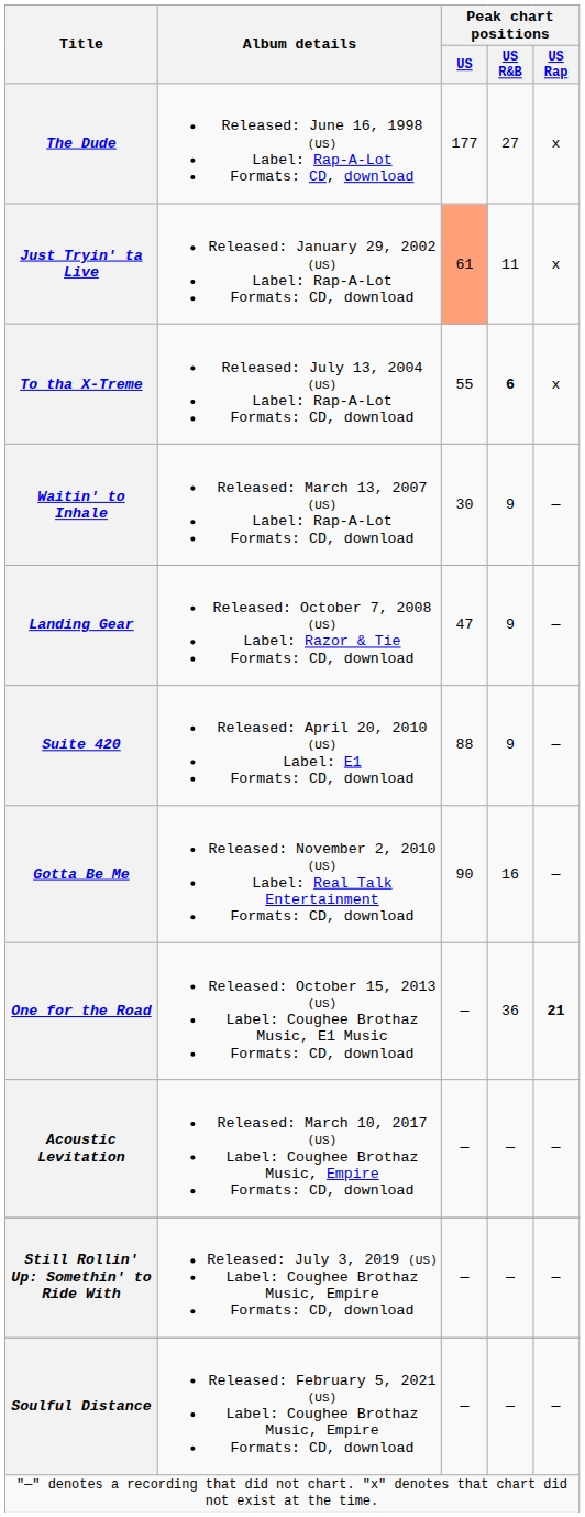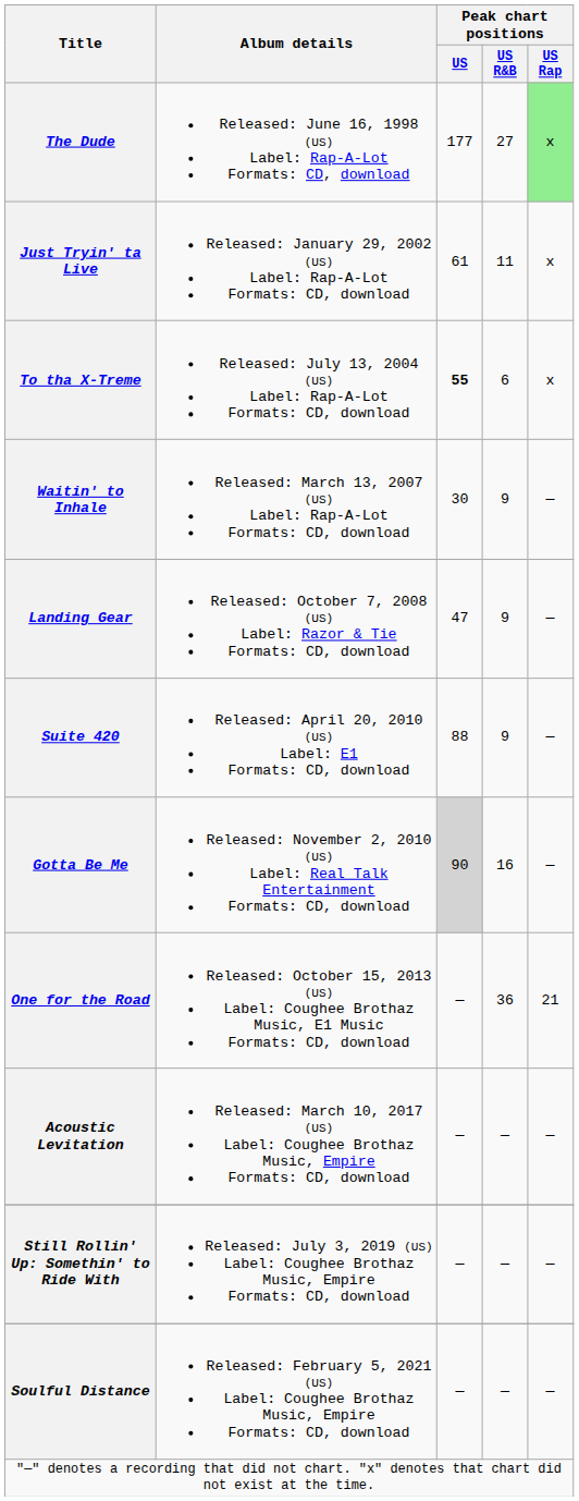 <table class="wikitable plainrowheaders" style="text-align:center;">
 <tr>
 <th scope="col" rowspan="2" style="width:10em;">Title</th>
 <th scope="col" rowspan="2" style="width:19em;">Album details</th>
 <th scope="col" colspan="3">Peak chart positions</th>
 </tr>
 <tr>
 <th scope="col" style="width:3em;font-size:90%;"><a href='#'>US</a></th>
 <th scope="col" style="width:3em;font-size:90%;"><a href='#'>US R&B</a></th>
 <th scope="col" style="width:3em;font-size:90%;"><a href='#'>US<br>Rap</a></th>
 </tr>
 <tr>
 <th scope="row"><em><a href='#'>The Dude</a></em></th>
 <td><br><ul><li>Released: June 16, 1998 <small>(US)</small></li><li>Label: <a href='#'>Rap-A-Lot</a></li><li>Formats: <a href='#'>CD</a>, <a href='#'>download</a></li></ul></td>
 <td>177</td>
 <td>27</td>
-<td>x</td>
+<td style="background: lightgreen;">x</td>
 </tr>
 <tr>
 <th scope="row"><em><a href='#'>Just Tryin' ta Live</a></em></th>
 <td><br><ul><li>Released: January 29, 2002 <small>(US)</small></li><li>Label: Rap-A-Lot</li><li>Formats: CD, download</li></ul></td>
-<td style="background: lightsalmon;">61</td>
+<td>61</td>
 <td>11</td>
 <td>x</td>
 </tr>
 <tr>
 <th scope="row"><em><a href='#'>To tha X-Treme</a></em></th>
 <td><br><ul><li>Released: July 13, 2004 <small>(US)</small></li><li>Label: Rap-A-Lot</li><li>Formats: CD, download</li></ul></td>
-<td>55</td>
-<td><strong>6</strong></td>
+<td><strong>55</strong></td>
+<td>6</td>
 <td>x</td>
 </tr>
 <tr>
 <th scope="row"><em><a href='#'>Waitin' to Inhale</a></em></th>
 <td><br><ul><li>Released: March 13, 2007 <small>(US)</small></li><li>Label: Rap-A-Lot</li><li>Formats: CD, download</li></ul></td>
 <td>30</td>
 <td>9</td>
 <td>—</td>
 </tr>
 <tr>
 <th scope="row"><em><a href='#'>Landing Gear</a></em></th>
 <td><br><ul><li>Released: October 7, 2008 <small>(US)</small></li><li>Label: <a href='#'>Razor & Tie</a></li><li>Formats: CD, download</li></ul></td>
 <td>47</td>
 <td>9</td>
 <td>—</td>
 </tr>
 <tr>
 <th scope="row"><em><a href='#'>Suite 420</a></em></th>
 <td><br><ul><li>Released: April 20, 2010 <small>(US)</small></li><li>Label: <a href='#'>E1</a></li><li>Formats: CD, download</li></ul></td>
 <td>88</td>
 <td>9</td>
 <td>—</td>
 </tr>
 <tr>
 <th scope="row"><em><a href='#'>Gotta Be Me</a></em></th>
 <td><br><ul><li>Released: November 2, 2010 <small>(US)</small></li><li>Label: <a href='#'>Real Talk Entertainment</a></li><li>Formats: CD, download</li></ul></td>
-<td>90</td>
+<td style="background: lightgrey;">90</td>
 <td>16</td>
 <td>—</td>
 </tr>
 <tr>
 <th scope="row"><em><a href='#'>One for the Road</a></em></th>
 <td><br><ul><li>Released: October 15, 2013 <small>(US)</small></li><li>Label: Coughee Brothaz Music, E1 Music</li><li>Formats: CD, download</li></ul></td>
 <td>—</td>
 <td>36</td>
-<td><strong>21</strong></td>
+<td>21</td>
 </tr>
 <tr>
 <th scope="row"><em>Acoustic Levitation</em></th>
 <td><br><ul><li>Released: March 10, 2017 <small>(US)</small></li><li>Label: Coughee Brothaz Music, <a href='#'>Empire</a></li><li>Formats: CD, download</li></ul></td>
 <td>—</td>
 <td>—</td>
 <td>—</td>
 </tr>
 <tr>
 </tr>
 <tr>
 <th scope="row"><em>Still Rollin' Up: Somethin' to Ride With</em></th>
 <td><br><ul><li>Released: July 3, 2019 <small>(US)</small></li><li>Label: Coughee Brothaz Music, Empire</li><li>Formats: CD, download</li></ul></td>
 <td>—</td>
 <td>—</td>
 <td>—</td>
 </tr>
 <tr>
 </tr>
 <tr>
 <th scope="row"><em>Soulful Distance</em></th>
 <td><br><ul><li>Released: February 5, 2021 <small>(US)</small></li><li>Label: Coughee Brothaz Music, Empire</li><li>Formats: CD, download</li></ul></td>
 <td>—</td>
 <td>—</td>
 <td>—</td>
 </tr>
 <tr>
 <td colspan="14" style="font-size:90%">"—" denotes a recording that did not chart. "x" denotes that chart did not exist at the time.</td>
 </tr>
 </table>
